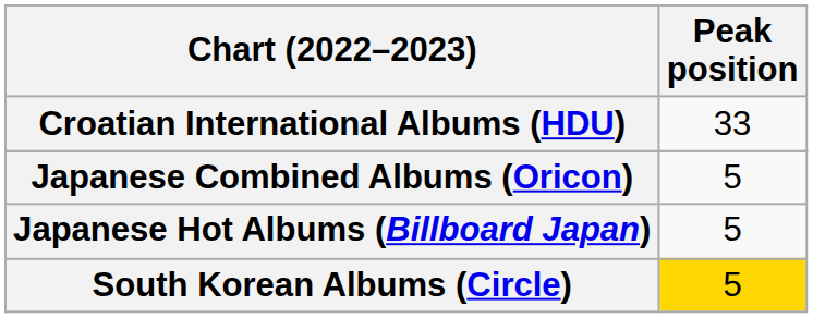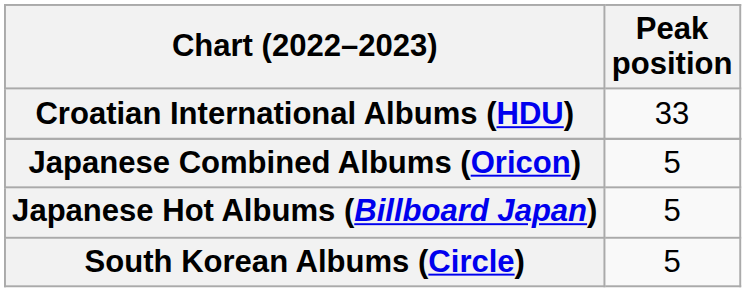 <table class="wikitable sortable plainrowheaders" style="text-align:center">
 <tr>
 <th scope="col">Chart (2022–2023)</th>
 <th scope="col">Peak<br>position</th>
 </tr>
 <tr>
 <th scope="row">Croatian International Albums (<a href='#'>HDU</a>)</th>
 <td>33</td>
 </tr>
 <tr>
 </tr>
 <tr>
 </tr>
 <tr>
 <th scope="row">Japanese Combined Albums (<a href='#'>Oricon</a>)</th>
 <td>5</td>
 </tr>
 <tr>
 <th scope="row">Japanese Hot Albums (<em><a href='#'>Billboard Japan</a></em>)</th>
 <td>5</td>
 </tr>
 <tr>
 <th scope="row">South Korean Albums (<a href='#'>Circle</a>)</th>
-<td style="background: gold;">5</td>
+<td>5</td>
 </tr>
 </table>
